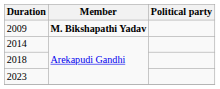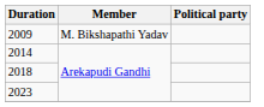 <table class="wikitable">
 <tr>
 <th>Duration</th>
 <th>Member</th>
 <th colspan="2">Political party</th>
 </tr>
 <tr>
 <td>2009</td>
-<td><strong>M. Bikshapathi Yadav</strong></td>
+<td>M. Bikshapathi Yadav</td>
 <td></td>
 </tr>
 <tr>
 <td>2014</td>
 <td rowspan=3><a href='#'>Arekapudi Gandhi</a></td>
 <td></td>
 </tr>
 <tr>
 <td>2018</td>
 <td></td>
 </tr>
 <tr>
 <td>2023</td>
 <td></td>
 </tr>
 <tr>
 </tr>
 </table>
